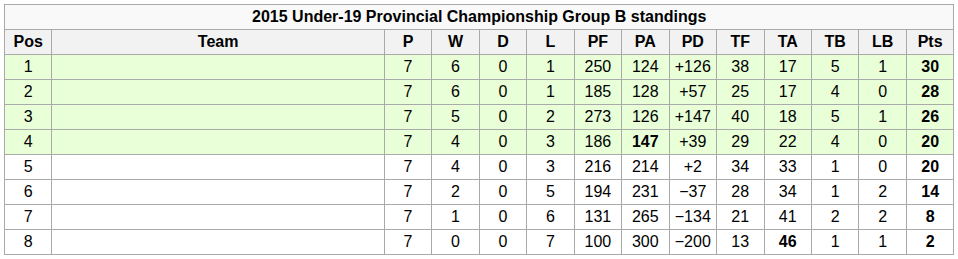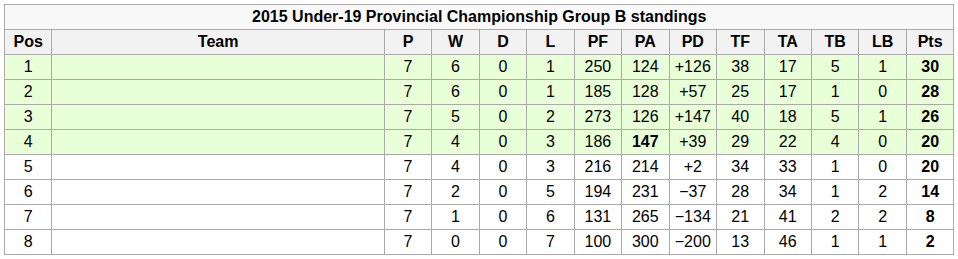 <table class="wikitable" style="text-align:center; line-height:110%; font-size:100%; width:60%;">
 <tr>
 <td colspan="14" cellpadding="0" cellspacing="0"><strong>2015 Under-19 Provincial Championship Group B standings</strong></td>
 </tr>
 <tr>
 <th style="width:5%;">Pos</th>
 <th style="width:35%;">Team</th>
 <th style="width:5%;">P</th>
 <th style="width:5%;">W</th>
 <th style="width:5%;">D</th>
 <th style="width:5%;">L</th>
 <th style="width:5%;">PF</th>
 <th style="width:5%;">PA</th>
 <th style="width:5%;">PD</th>
 <th style="width:5%;">TF</th>
 <th style="width:5%;">TA</th>
 <th style="width:5%;">TB</th>
 <th style="width:5%;">LB</th>
 <th style="width:5%;">Pts<br></th>
 </tr>
 <tr style="background:#E8FFD8;">
 <td>1</td>
 <td align=left></td>
 <td>7</td>
 <td>6</td>
 <td>0</td>
 <td>1</td>
 <td>250</td>
 <td>124</td>
 <td>+126</td>
 <td>38</td>
 <td>17</td>
 <td>5</td>
 <td>1</td>
 <td><strong>30</strong></td>
 </tr>
 <tr style="background:#E8FFD8;">
 <td>2</td>
 <td align=left></td>
 <td>7</td>
 <td>6</td>
 <td>0</td>
 <td>1</td>
 <td>185</td>
 <td>128</td>
 <td>+57</td>
 <td>25</td>
 <td>17</td>
-<td>4</td>
+<td>1</td>
 <td>0</td>
 <td><strong>28</strong></td>
 </tr>
 <tr style="background:#E8FFD8;">
 <td>3</td>
 <td align=left></td>
 <td>7</td>
 <td>5</td>
 <td>0</td>
 <td>2</td>
 <td>273</td>
 <td>126</td>
 <td>+147</td>
 <td>40</td>
 <td>18</td>
 <td>5</td>
 <td>1</td>
 <td><strong>26</strong></td>
 </tr>
 <tr style="background:#E8FFD8;">
 <td>4</td>
 <td align=left></td>
 <td>7</td>
 <td>4</td>
 <td>0</td>
 <td>3</td>
 <td>186</td>
 <td><strong>147</strong></td>
 <td>+39</td>
 <td>29</td>
 <td>22</td>
 <td>4</td>
 <td>0</td>
 <td><strong>20</strong></td>
 </tr>
 <tr style="background:#FFFFFF;">
 <td>5</td>
 <td align=left></td>
 <td>7</td>
 <td>4</td>
 <td>0</td>
 <td>3</td>
 <td>216</td>
 <td>214</td>
 <td>+2</td>
 <td>34</td>
 <td>33</td>
 <td>1</td>
 <td>0</td>
 <td><strong>20</strong></td>
 </tr>
 <tr style="background:#FFFFFF;">
 <td>6</td>
 <td align=left></td>
 <td>7</td>
 <td>2</td>
 <td>0</td>
 <td>5</td>
 <td>194</td>
 <td>231</td>
 <td>−37</td>
 <td>28</td>
 <td>34</td>
 <td>1</td>
 <td>2</td>
 <td><strong>14</strong></td>
 </tr>
 <tr style="background:#FFFFFF;">
 <td>7</td>
 <td align=left></td>
 <td>7</td>
 <td>1</td>
 <td>0</td>
 <td>6</td>
 <td>131</td>
 <td>265</td>
 <td>−134</td>
 <td>21</td>
 <td>41</td>
 <td>2</td>
 <td>2</td>
 <td><strong>8</strong></td>
 </tr>
 <tr style="background:#FFFFFF;">
 <td>8</td>
 <td align=left></td>
 <td>7</td>
 <td>0</td>
 <td>0</td>
 <td>7</td>
 <td>100</td>
 <td>300</td>
 <td>−200</td>
 <td>13</td>
-<td><strong>46</strong></td>
+<td>46</td>
 <td>1</td>
 <td>1</td>
 <td><strong>2</strong></td>
 </tr>
 </table>
